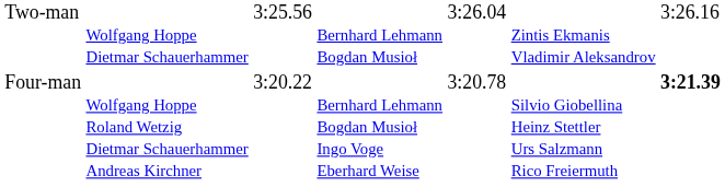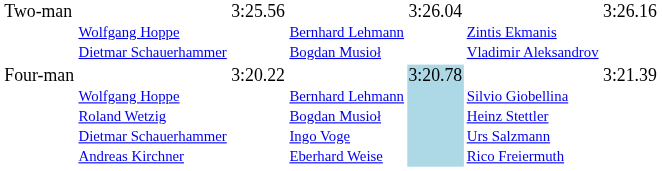 <table>
 <tr valign="top">
 <td>Two-man <br></td>
 <td><br> <small><a href='#'>Wolfgang Hoppe</a><br><a href='#'>Dietmar Schauerhammer</a></small></td>
 <td>3:25.56</td>
 <td><br><small> <a href='#'>Bernhard Lehmann</a><br><a href='#'>Bogdan Musioł</a></small></td>
 <td>3:26.04</td>
 <td><br><small> <a href='#'>Zintis Ekmanis</a><br><a href='#'>Vladimir Aleksandrov</a></small></td>
 <td>3:26.16</td>
 </tr>
 <tr valign="top">
 <td>Four-man <br></td>
 <td><br><small> <a href='#'>Wolfgang Hoppe</a> <br><a href='#'>Roland Wetzig</a> <br> <a href='#'>Dietmar Schauerhammer</a> <br> <a href='#'>Andreas Kirchner</a></small></td>
 <td>3:20.22</td>
 <td><br><small> <a href='#'>Bernhard Lehmann</a> <br> <a href='#'>Bogdan Musioł</a> <br> <a href='#'>Ingo Voge</a> <br> <a href='#'>Eberhard Weise</a></small></td>
-<td>3:20.78</td>
+<td style="background: lightblue;">3:20.78</td>
 <td><br><small> <a href='#'>Silvio Giobellina</a> <br> <a href='#'>Heinz Stettler</a> <br> <a href='#'>Urs Salzmann</a> <br> <a href='#'>Rico Freiermuth</a></small></td>
-<td><strong>3:21.39</strong></td>
+<td>3:21.39</td>
 </tr>
 </table>
